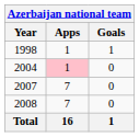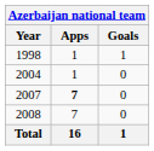 <table class="wikitable" style="text-align:center">
 <tr>
 <th colspan="3"><a href='#'>Azerbaijan national team</a></th>
 </tr>
 <tr>
 <th>Year</th>
 <th>Apps</th>
 <th>Goals</th>
 </tr>
 <tr>
 <td>1998</td>
 <td>1</td>
 <td>1</td>
 </tr>
 <tr>
 <td>2004</td>
-<td style="background: pink;">1</td>
+<td>1</td>
 <td>0</td>
 </tr>
 <tr>
 <td>2007</td>
-<td>7</td>
+<td><strong>7</strong></td>
 <td>0</td>
 </tr>
 <tr>
 <td>2008</td>
 <td>7</td>
 <td>0</td>
 </tr>
 <tr>
 <th>Total</th>
 <th>16</th>
 <th>1</th>
 </tr>
 </table>
